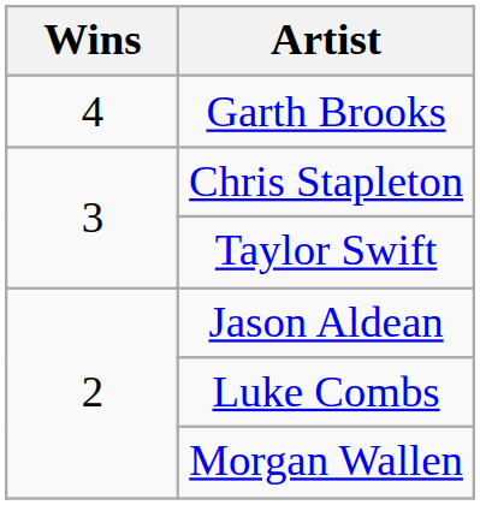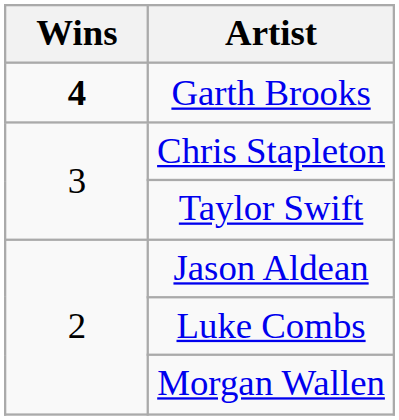 <table class="wikitable" style="text-align:center;">
 <tr>
 <th scope="col" width="55">Wins</th>
 <th scope="col" align="center">Artist</th>
 </tr>
 <tr>
-<td style="text-align:center">4</td>
+<td style="text-align:center"><strong>4</strong></td>
 <td><a href='#'>Garth Brooks</a></td>
 </tr>
 <tr>
 <td rowspan=2 style="text-align:center">3</td>
 <td><a href='#'>Chris Stapleton</a></td>
 </tr>
 <tr>
 <td><a href='#'>Taylor Swift</a></td>
 </tr>
 <tr>
 <td rowspan=3 style="text-align:center">2</td>
 <td><a href='#'>Jason Aldean</a></td>
 </tr>
 <tr>
 <td><a href='#'>Luke Combs</a></td>
 </tr>
 <tr>
 <td><a href='#'>Morgan Wallen</a></td>
 </tr>
 </table>
